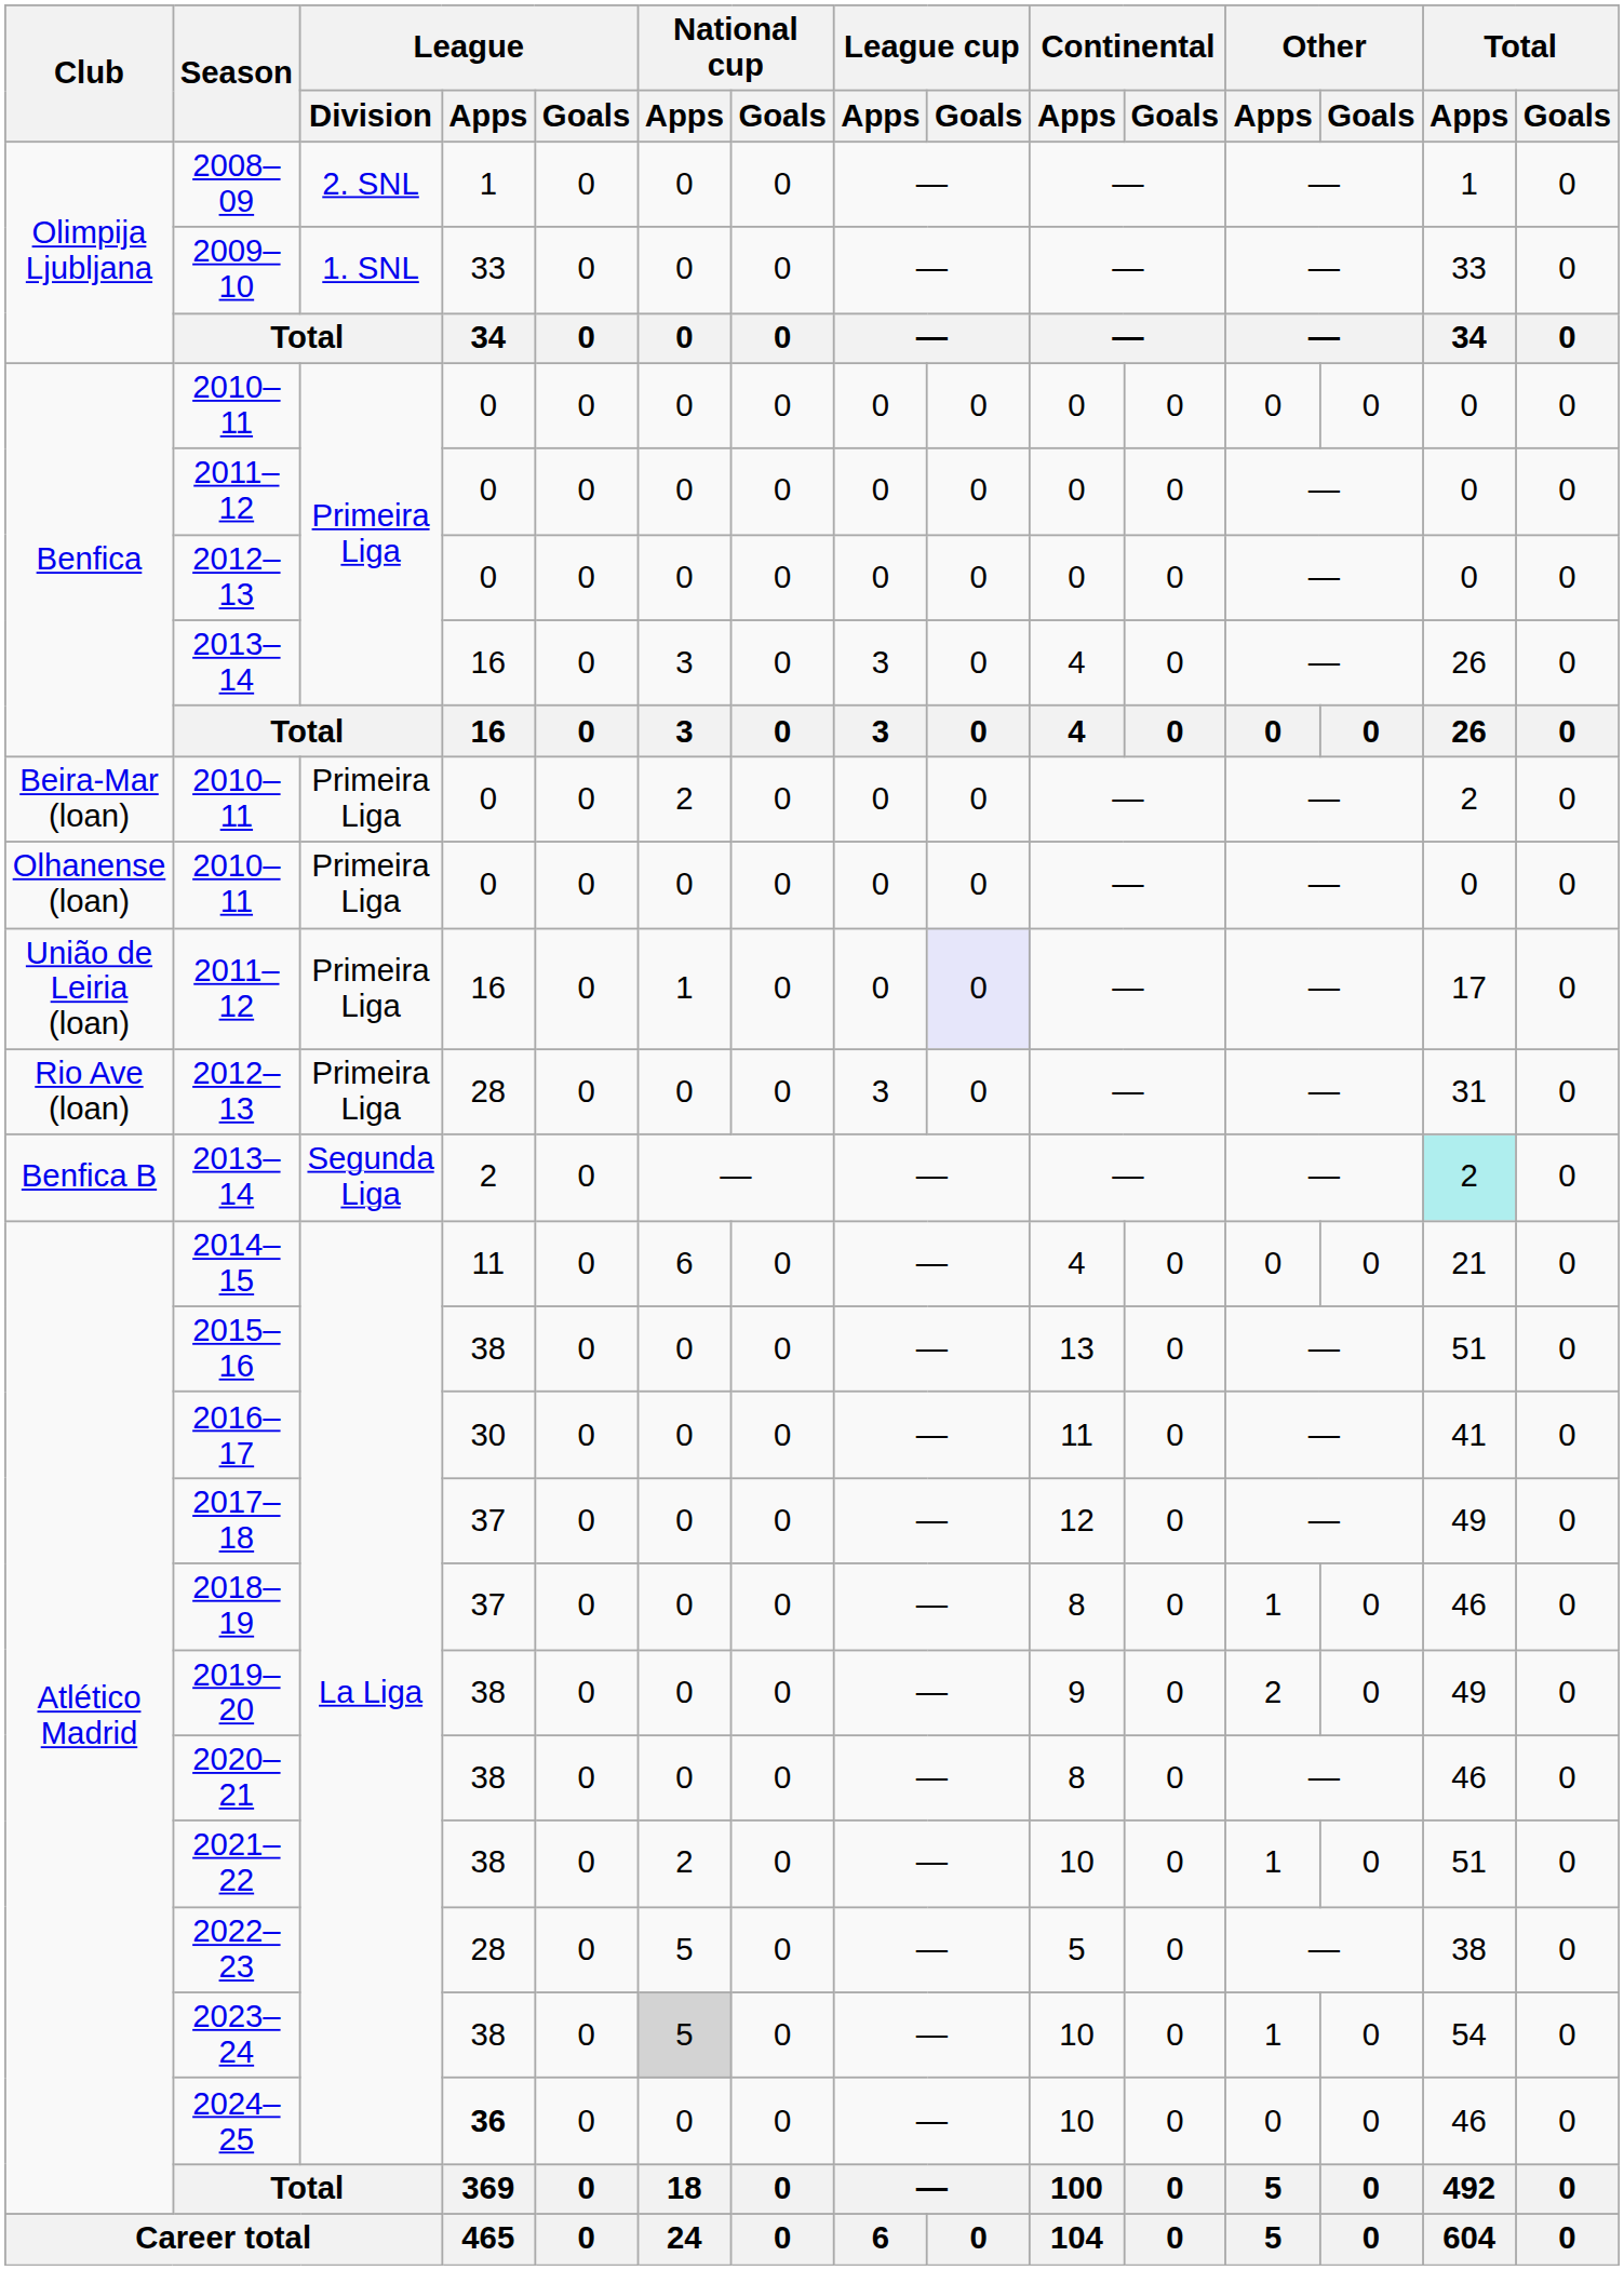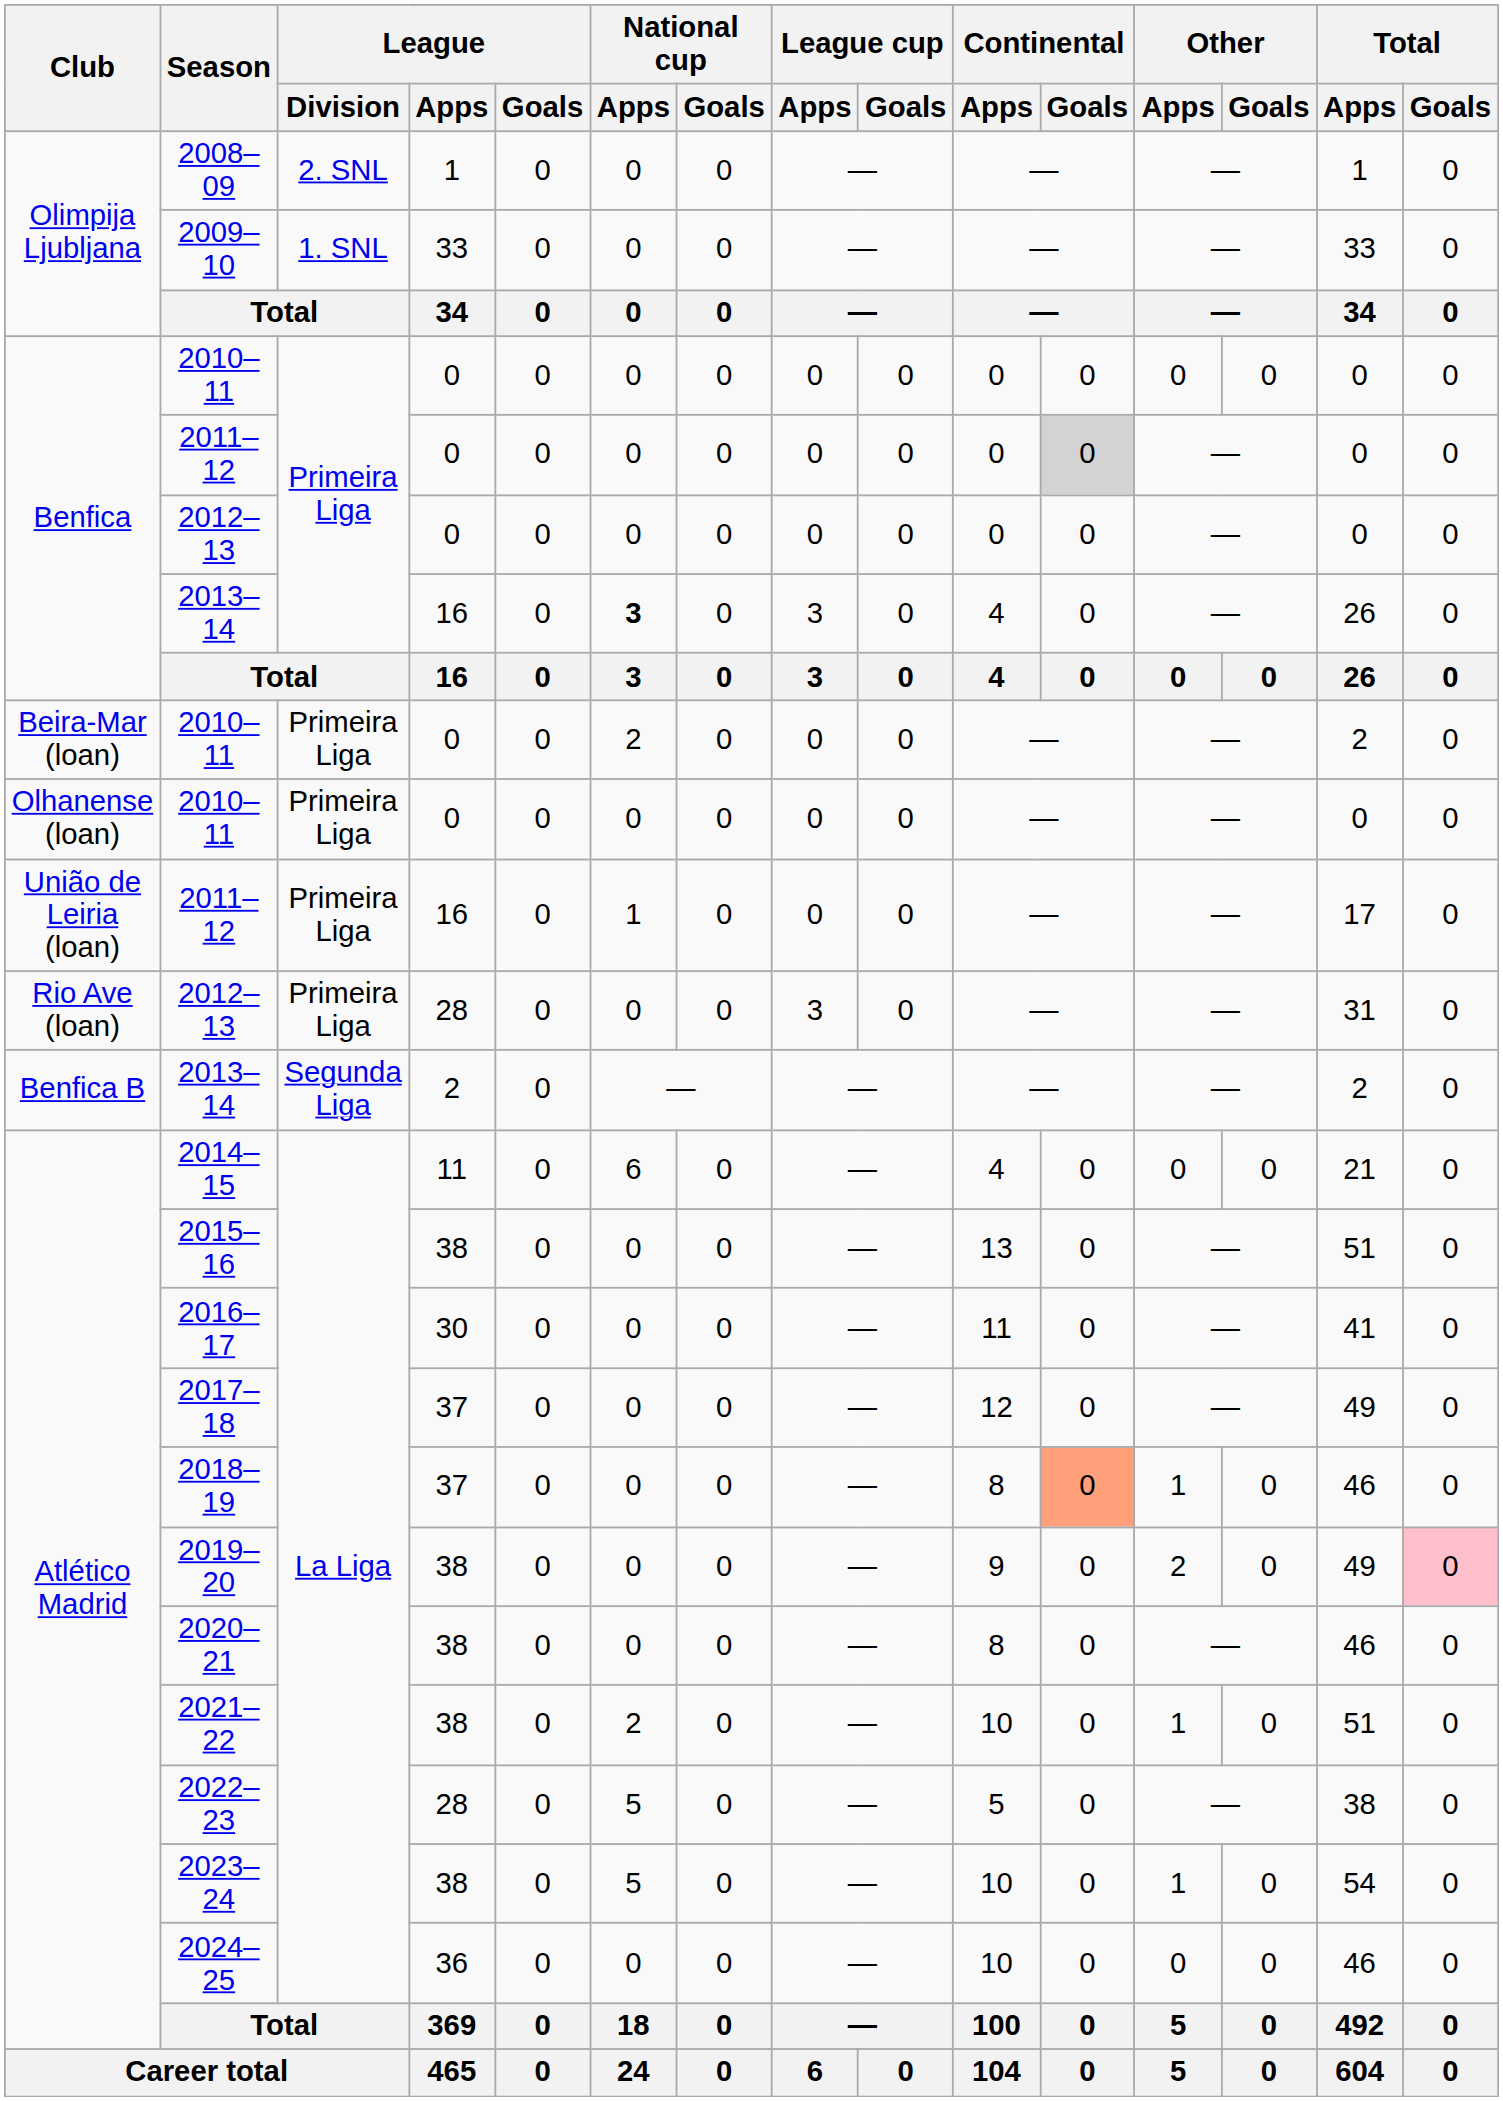 <table class="wikitable" style="text-align:center">
 <tr>
 <th rowspan="2">Club</th>
 <th rowspan="2">Season</th>
 <th colspan="3">League</th>
 <th colspan="2">National cup</th>
 <th colspan="2">League cup</th>
 <th colspan="2">Continental</th>
 <th colspan="2">Other</th>
 <th colspan="2">Total</th>
 </tr>
 <tr>
 <th>Division</th>
 <th>Apps</th>
 <th>Goals</th>
 <th>Apps</th>
 <th>Goals</th>
 <th>Apps</th>
 <th>Goals</th>
 <th>Apps</th>
 <th>Goals</th>
 <th>Apps</th>
 <th>Goals</th>
 <th>Apps</th>
 <th>Goals</th>
 </tr>
 <tr>
 <td rowspan="3"><a href='#'>Olimpija Ljubljana</a></td>
 <td><a href='#'>2008–09</a></td>
 <td><a href='#'>2. SNL</a></td>
 <td>1</td>
 <td>0</td>
 <td>0</td>
 <td>0</td>
 <td colspan="2">—</td>
 <td colspan="2">—</td>
 <td colspan="2">—</td>
 <td>1</td>
 <td>0</td>
 </tr>
 <tr>
 <td><a href='#'>2009–10</a></td>
 <td><a href='#'>1. SNL</a></td>
 <td>33</td>
 <td>0</td>
 <td>0</td>
 <td>0</td>
 <td colspan="2">—</td>
 <td colspan="2">—</td>
 <td colspan="2">—</td>
 <td>33</td>
 <td>0</td>
 </tr>
 <tr>
 <th colspan="2">Total</th>
 <th>34</th>
 <th>0</th>
 <th>0</th>
 <th>0</th>
 <th colspan="2">—</th>
 <th colspan="2">—</th>
 <th colspan="2">—</th>
 <th>34</th>
 <th>0</th>
 </tr>
 <tr>
 <td rowspan="5"><a href='#'>Benfica</a></td>
 <td><a href='#'>2010–11</a></td>
 <td rowspan="4"><a href='#'>Primeira Liga</a></td>
 <td>0</td>
 <td>0</td>
 <td>0</td>
 <td>0</td>
 <td>0</td>
 <td>0</td>
 <td>0</td>
 <td>0</td>
 <td>0</td>
 <td>0</td>
 <td>0</td>
 <td>0</td>
 </tr>
 <tr>
 <td><a href='#'>2011–12</a></td>
 <td>0</td>
 <td>0</td>
 <td>0</td>
 <td>0</td>
 <td>0</td>
 <td>0</td>
 <td>0</td>
-<td>0</td>
+<td style="background: lightgrey;">0</td>
 <td colspan="2">—</td>
 <td>0</td>
 <td>0</td>
 </tr>
 <tr>
 <td><a href='#'>2012–13</a></td>
 <td>0</td>
 <td>0</td>
 <td>0</td>
 <td>0</td>
 <td>0</td>
 <td>0</td>
 <td>0</td>
 <td>0</td>
 <td colspan="2">—</td>
 <td>0</td>
 <td>0</td>
 </tr>
 <tr>
 <td><a href='#'>2013–14</a></td>
 <td>16</td>
 <td>0</td>
-<td>3</td>
+<td><strong>3</strong></td>
 <td>0</td>
 <td>3</td>
 <td>0</td>
 <td>4</td>
 <td>0</td>
 <td colspan="2">—</td>
 <td>26</td>
 <td>0</td>
 </tr>
 <tr>
 <th colspan="2">Total</th>
 <th>16</th>
 <th>0</th>
 <th>3</th>
 <th>0</th>
 <th>3</th>
 <th>0</th>
 <th>4</th>
 <th>0</th>
 <th>0</th>
 <th>0</th>
 <th>26</th>
 <th>0</th>
 </tr>
 <tr>
 <td><a href='#'>Beira-Mar</a> (loan)</td>
 <td><a href='#'>2010–11</a></td>
 <td>Primeira Liga</td>
 <td>0</td>
 <td>0</td>
 <td>2</td>
 <td>0</td>
 <td>0</td>
 <td>0</td>
 <td colspan="2">—</td>
 <td colspan="2">—</td>
 <td>2</td>
 <td>0</td>
 </tr>
 <tr>
 <td><a href='#'>Olhanense</a> (loan)</td>
 <td><a href='#'>2010–11</a></td>
 <td>Primeira Liga</td>
 <td>0</td>
 <td>0</td>
 <td>0</td>
 <td>0</td>
 <td>0</td>
 <td>0</td>
 <td colspan="2">—</td>
 <td colspan="2">—</td>
 <td>0</td>
 <td>0</td>
 </tr>
 <tr>
 <td><a href='#'>União de Leiria</a> (loan)</td>
 <td><a href='#'>2011–12</a></td>
 <td>Primeira Liga</td>
 <td>16</td>
 <td>0</td>
 <td>1</td>
 <td>0</td>
 <td>0</td>
-<td style="background: lavender;">0</td>
+<td>0</td>
 <td colspan="2">—</td>
 <td colspan="2">—</td>
 <td>17</td>
 <td>0</td>
 </tr>
 <tr>
 <td><a href='#'>Rio Ave</a> (loan)</td>
 <td><a href='#'>2012–13</a></td>
 <td>Primeira Liga</td>
 <td>28</td>
 <td>0</td>
 <td>0</td>
 <td>0</td>
 <td>3</td>
 <td>0</td>
 <td colspan="2">—</td>
 <td colspan="2">—</td>
 <td>31</td>
 <td>0</td>
 </tr>
 <tr>
 <td><a href='#'>Benfica B</a></td>
 <td><a href='#'>2013–14</a></td>
 <td><a href='#'>Segunda Liga</a></td>
 <td>2</td>
 <td>0</td>
 <td colspan="2">—</td>
 <td colspan="2">—</td>
 <td colspan="2">—</td>
 <td colspan="2">—</td>
-<td style="background: paleturquoise;">2</td>
+<td>2</td>
 <td>0</td>
 </tr>
 <tr>
 <td rowspan="12"><a href='#'>Atlético Madrid</a></td>
 <td><a href='#'>2014–15</a></td>
 <td rowspan="11"><a href='#'>La Liga</a></td>
 <td>11</td>
 <td>0</td>
 <td>6</td>
 <td>0</td>
 <td colspan="2">—</td>
 <td>4</td>
 <td>0</td>
 <td>0</td>
 <td>0</td>
 <td>21</td>
 <td>0</td>
 </tr>
 <tr>
 <td><a href='#'>2015–16</a></td>
 <td>38</td>
 <td>0</td>
 <td>0</td>
 <td>0</td>
 <td colspan="2">—</td>
 <td>13</td>
 <td>0</td>
 <td colspan="2">—</td>
 <td>51</td>
 <td>0</td>
 </tr>
 <tr>
 <td><a href='#'>2016–17</a></td>
 <td>30</td>
 <td>0</td>
 <td>0</td>
 <td>0</td>
 <td colspan="2">—</td>
 <td>11</td>
 <td>0</td>
 <td colspan="2">—</td>
 <td>41</td>
 <td>0</td>
 </tr>
 <tr>
 <td><a href='#'>2017–18</a></td>
 <td>37</td>
 <td>0</td>
 <td>0</td>
 <td>0</td>
 <td colspan="2">—</td>
 <td>12</td>
 <td>0</td>
 <td colspan="2">—</td>
 <td>49</td>
 <td>0</td>
 </tr>
 <tr>
 <td><a href='#'>2018–19</a></td>
 <td>37</td>
 <td>0</td>
 <td>0</td>
 <td>0</td>
 <td colspan="2">—</td>
 <td>8</td>
-<td>0</td>
+<td style="background: lightsalmon;">0</td>
 <td>1</td>
 <td>0</td>
 <td>46</td>
 <td>0</td>
 </tr>
 <tr>
 <td><a href='#'>2019–20</a></td>
 <td>38</td>
 <td>0</td>
 <td>0</td>
 <td>0</td>
 <td colspan="2">—</td>
 <td>9</td>
 <td>0</td>
 <td>2</td>
 <td>0</td>
 <td>49</td>
-<td>0</td>
+<td style="background: pink;">0</td>
 </tr>
 <tr>
 <td><a href='#'>2020–21</a></td>
 <td>38</td>
 <td>0</td>
 <td>0</td>
 <td>0</td>
 <td colspan="2">—</td>
 <td>8</td>
 <td>0</td>
 <td colspan="2">—</td>
 <td>46</td>
 <td>0</td>
 </tr>
 <tr>
 <td><a href='#'>2021–22</a></td>
 <td>38</td>
 <td>0</td>
 <td>2</td>
 <td>0</td>
 <td colspan="2">—</td>
 <td>10</td>
 <td>0</td>
 <td>1</td>
 <td>0</td>
 <td>51</td>
 <td>0</td>
 </tr>
 <tr>
 <td><a href='#'>2022–23</a></td>
 <td>28</td>
 <td>0</td>
 <td>5</td>
 <td>0</td>
 <td colspan="2">—</td>
 <td>5</td>
 <td>0</td>
 <td colspan="2">—</td>
 <td>38</td>
 <td>0</td>
 </tr>
 <tr>
 <td><a href='#'>2023–24</a></td>
 <td>38</td>
 <td>0</td>
-<td style="background: lightgrey;">5</td>
+<td>5</td>
 <td>0</td>
 <td colspan="2">—</td>
 <td>10</td>
 <td>0</td>
 <td>1</td>
 <td>0</td>
 <td>54</td>
 <td>0</td>
 </tr>
 <tr>
 <td><a href='#'>2024–25</a></td>
-<td><strong>36</strong></td>
+<td>36</td>
 <td>0</td>
 <td>0</td>
 <td>0</td>
 <td colspan="2">—</td>
 <td>10</td>
 <td>0</td>
 <td>0</td>
 <td>0</td>
 <td>46</td>
 <td>0</td>
 </tr>
 <tr>
 <th colspan="2">Total</th>
 <th>369</th>
 <th>0</th>
 <th>18</th>
 <th>0</th>
 <th colspan="2">—</th>
 <th>100</th>
 <th>0</th>
 <th>5</th>
 <th>0</th>
 <th>492</th>
 <th>0</th>
 </tr>
 <tr>
 <th colspan="3">Career total</th>
 <th>465</th>
 <th>0</th>
 <th>24</th>
 <th>0</th>
 <th>6</th>
 <th>0</th>
 <th>104</th>
 <th>0</th>
 <th>5</th>
 <th>0</th>
 <th>604</th>
 <th>0</th>
 </tr>
 </table>
